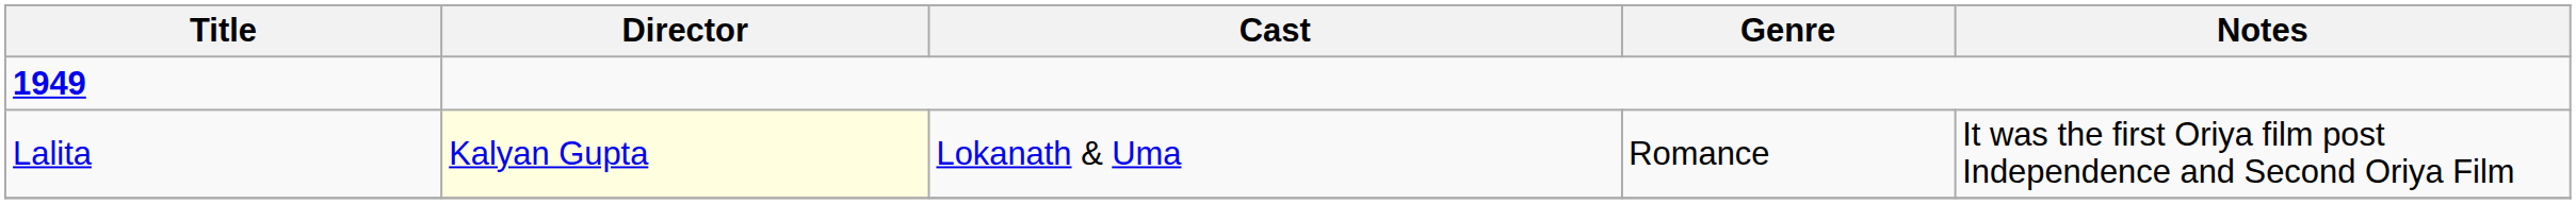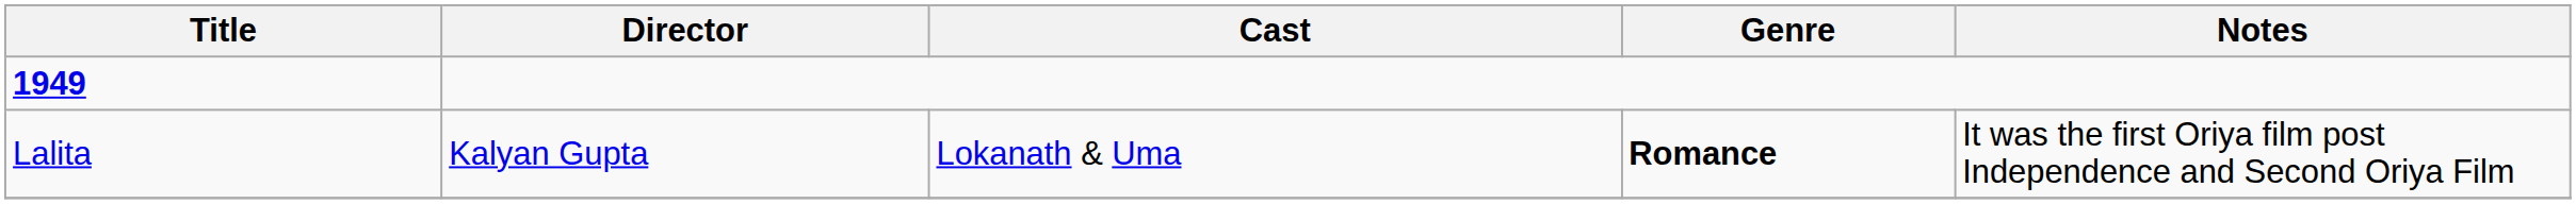 <table class="wikitable">
 <tr>
 <th width=17%>Title</th>
 <th width=19%>Director</th>
 <th width=27%>Cast</th>
 <th width=13%>Genre</th>
 <th width=24%>Notes</th>
 </tr>
 <tr>
 <td><strong><a href='#'>1949</a></strong></td>
 </tr>
 <tr>
 <td><a href='#'>Lalita</a></td>
-<td style="background: lightyellow;"><a href='#'>Kalyan Gupta</a></td>
+<td><a href='#'>Kalyan Gupta</a></td>
 <td><a href='#'>Lokanath</a> & <a href='#'>Uma</a></td>
-<td>Romance</td>
+<td><strong>Romance</strong></td>
 <td>It was the first Oriya film post Independence and Second Oriya Film</td>
 </tr>
 <tr>
 </tr>
 </table>
